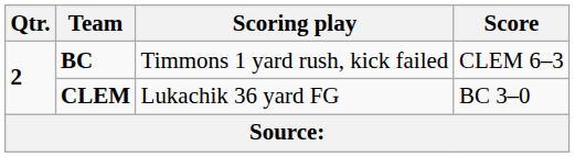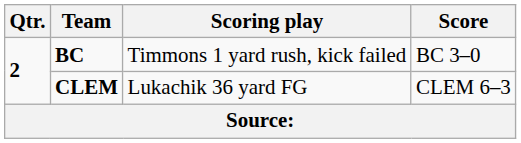 <table class="wikitable">
 <tr>
 <th>Qtr.</th>
 <th>Team</th>
 <th>Scoring play</th>
 <th>Score</th>
 </tr>
 <tr>
 <td rowspan=2><strong>2</strong></td>
 <td><strong>BC</strong></td>
 <td>Timmons 1 yard rush, kick failed</td>
-<td>CLEM 6–3</td>
+<td>BC 3–0</td>
 </tr>
 <tr>
 <td><strong>CLEM</strong></td>
 <td>Lukachik 36 yard FG</td>
-<td>BC 3–0</td>
+<td>CLEM 6–3</td>
 </tr>
 <tr>
 <th colspan=4>Source:</th>
 </tr>
 </table>
